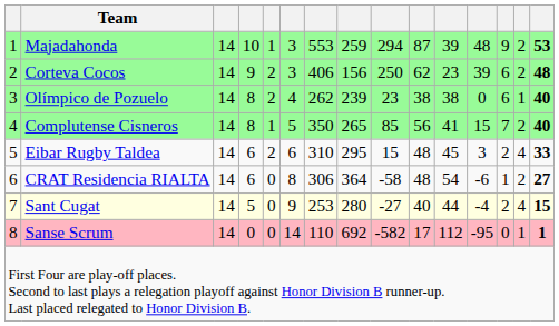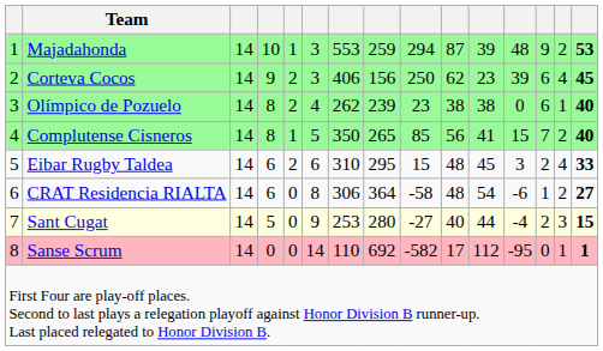 <table class="wikitable" style="text-align:center;">
 <tr>
 <th></th>
 <th>Team</th>
 <th></th>
 <th></th>
 <th></th>
 <th></th>
 <th></th>
 <th></th>
 <th></th>
 <th></th>
 <th></th>
 <th></th>
 <th></th>
 <th></th>
 <th></th>
 </tr>
 <tr bgcolor=palegreen>
 <td>1</td>
 <td align="left"><a href='#'>Majadahonda</a></td>
 <td>14</td>
 <td>10</td>
 <td>1</td>
 <td>3</td>
 <td>553</td>
 <td>259</td>
 <td>294</td>
 <td>87</td>
 <td>39</td>
 <td>48</td>
 <td>9</td>
 <td>2</td>
 <td><strong>53</strong></td>
 </tr>
 <tr bgcolor=palegreen>
 <td>2</td>
 <td align="left"><a href='#'>Corteva Cocos</a></td>
 <td>14</td>
 <td>9</td>
 <td>2</td>
 <td>3</td>
 <td>406</td>
 <td>156</td>
 <td>250</td>
 <td>62</td>
 <td>23</td>
 <td>39</td>
 <td>6</td>
-<td>2</td>
-<td><strong>48</strong></td>
+<td>4</td>
+<td><strong>45</strong></td>
 </tr>
 <tr bgcolor=palegreen>
 <td>3</td>
 <td align="left"><a href='#'>Olímpico de Pozuelo</a></td>
 <td>14</td>
 <td>8</td>
 <td>2</td>
 <td>4</td>
 <td>262</td>
 <td>239</td>
 <td>23</td>
 <td>38</td>
 <td>38</td>
 <td>0</td>
 <td>6</td>
 <td>1</td>
 <td><strong>40</strong></td>
 </tr>
 <tr bgcolor=palegreen>
 <td>4</td>
 <td align="left"><a href='#'>Complutense Cisneros</a></td>
 <td>14</td>
 <td>8</td>
 <td>1</td>
 <td>5</td>
 <td>350</td>
 <td>265</td>
 <td>85</td>
 <td>56</td>
 <td>41</td>
 <td>15</td>
 <td>7</td>
 <td>2</td>
 <td><strong>40</strong></td>
 </tr>
 <tr>
 <td>5</td>
 <td align="left"><a href='#'>Eibar Rugby Taldea</a></td>
 <td>14</td>
 <td>6</td>
 <td>2</td>
 <td>6</td>
 <td>310</td>
 <td>295</td>
 <td>15</td>
 <td>48</td>
 <td>45</td>
 <td>3</td>
 <td>2</td>
 <td>4</td>
 <td><strong>33</strong></td>
 </tr>
 <tr>
 <td>6</td>
 <td align="left"><a href='#'>CRAT Residencia RIALTA</a></td>
 <td>14</td>
 <td>6</td>
 <td>0</td>
 <td>8</td>
 <td>306</td>
 <td>364</td>
 <td>-58</td>
 <td>48</td>
 <td>54</td>
 <td>-6</td>
 <td>1</td>
 <td>2</td>
 <td><strong>27</strong></td>
 </tr>
 <tr bgcolor=lightyellow>
 <td>7</td>
 <td align="left"><a href='#'>Sant Cugat</a></td>
 <td>14</td>
 <td>5</td>
 <td>0</td>
 <td>9</td>
 <td>253</td>
 <td>280</td>
 <td>-27</td>
 <td>40</td>
 <td>44</td>
 <td>-4</td>
 <td>2</td>
-<td>4</td>
+<td>3</td>
 <td><strong>15</strong></td>
 </tr>
 <tr bgcolor=lightpink>
 <td>8</td>
 <td align="left"><a href='#'>Sanse Scrum</a></td>
 <td>14</td>
 <td>0</td>
 <td>0</td>
 <td>14</td>
 <td>110</td>
 <td>692</td>
 <td>-582</td>
 <td>17</td>
 <td>112</td>
 <td>-95</td>
 <td>0</td>
 <td>1</td>
 <td><strong>1</strong></td>
 </tr>
 <tr | style="text-align:left;" |>
 <td colspan="15" style="border:0px; font-size:smaller"><br><span>First Four</span> are play-off places. <br> <span>Second to last</span> plays a relegation playoff against <a href='#'>Honor Division B</a> runner-up. <br> <span>Last placed</span> relegated to <a href='#'>Honor Division B</a>.</td>
 </tr>
 </table>
